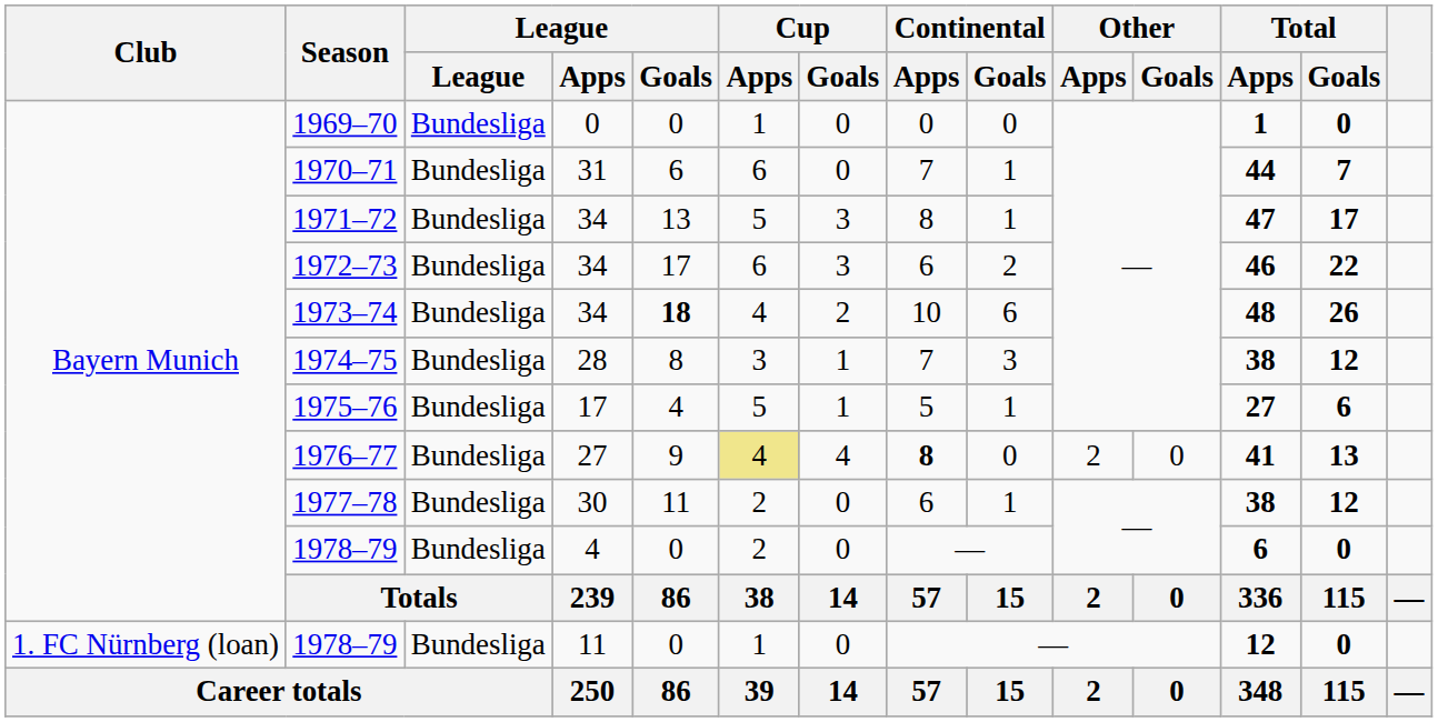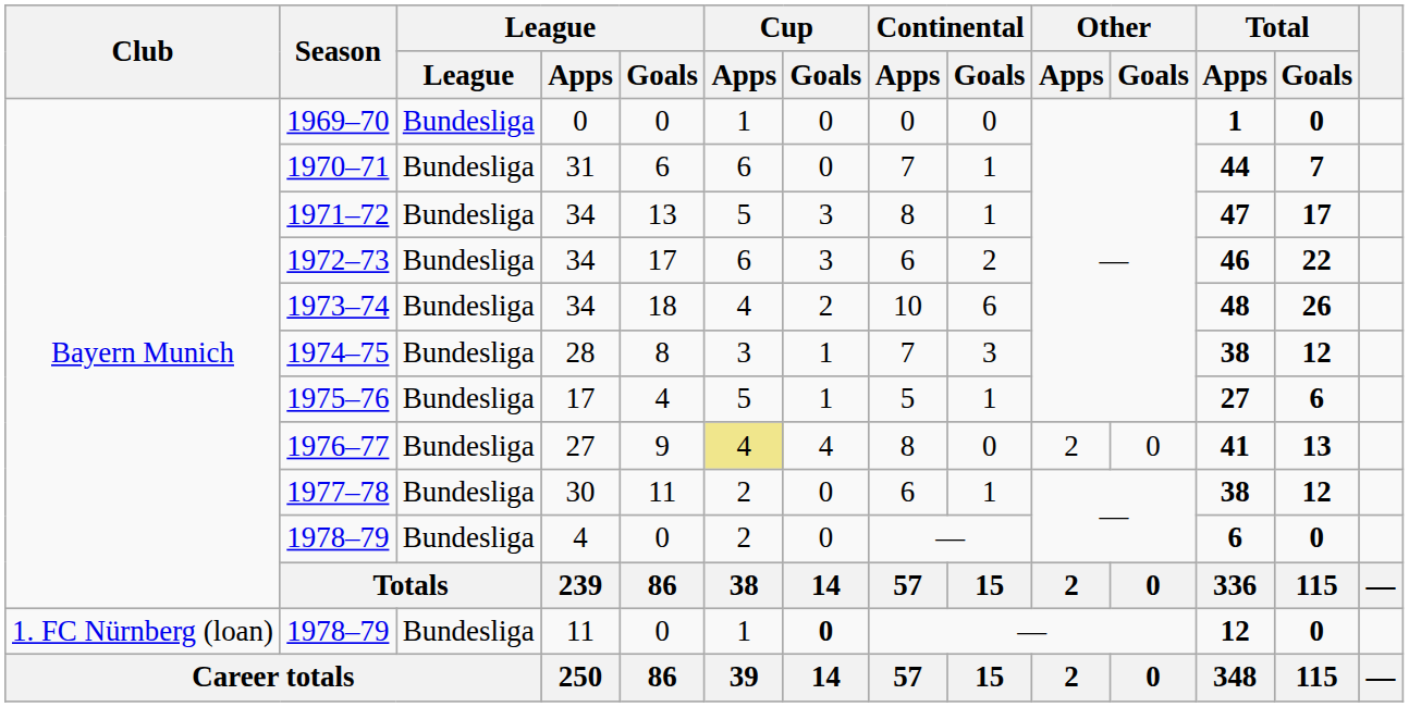 <table class="wikitable" style="text-align:center">
 <tr>
 <th rowspan="2">Club</th>
 <th rowspan="2">Season</th>
 <th colspan="3">League</th>
 <th colspan="2">Cup</th>
 <th colspan="2">Continental</th>
 <th colspan="2">Other</th>
 <th colspan="2">Total</th>
 <th rowspan="2"></th>
 </tr>
 <tr>
 <th>League</th>
 <th>Apps</th>
 <th>Goals</th>
 <th>Apps</th>
 <th>Goals</th>
 <th>Apps</th>
 <th>Goals</th>
 <th>Apps</th>
 <th>Goals</th>
 <th>Apps</th>
 <th>Goals</th>
 </tr>
 <tr>
 <td rowspan="11"><a href='#'>Bayern Munich</a></td>
 <td><a href='#'>1969–70</a></td>
 <td><a href='#'>Bundesliga</a></td>
 <td>0</td>
 <td>0</td>
 <td>1</td>
 <td>0</td>
 <td>0</td>
 <td>0</td>
 <td rowspan="7" colspan="2">—</td>
 <td><strong>1</strong></td>
 <td><strong>0</strong></td>
 <td></td>
 </tr>
 <tr>
 <td><a href='#'>1970–71</a></td>
 <td>Bundesliga</td>
 <td>31</td>
 <td>6</td>
 <td>6</td>
 <td>0</td>
 <td>7</td>
 <td>1</td>
 <td><strong>44</strong></td>
 <td><strong>7</strong></td>
 <td></td>
 </tr>
 <tr>
 <td><a href='#'>1971–72</a></td>
 <td>Bundesliga</td>
 <td>34</td>
 <td>13</td>
 <td>5</td>
 <td>3</td>
 <td>8</td>
 <td>1</td>
 <td><strong>47</strong></td>
 <td><strong>17</strong></td>
 <td></td>
 </tr>
 <tr>
 <td><a href='#'>1972–73</a></td>
 <td>Bundesliga</td>
 <td>34</td>
 <td>17</td>
 <td>6</td>
 <td>3</td>
 <td>6</td>
 <td>2</td>
 <td><strong>46</strong></td>
 <td><strong>22</strong></td>
 <td></td>
 </tr>
 <tr>
 <td><a href='#'>1973–74</a></td>
 <td>Bundesliga</td>
 <td>34</td>
-<td><strong>18</strong></td>
+<td>18</td>
 <td>4</td>
 <td>2</td>
 <td>10</td>
 <td>6</td>
 <td><strong>48</strong></td>
 <td><strong>26</strong></td>
 <td></td>
 </tr>
 <tr>
 <td><a href='#'>1974–75</a></td>
 <td>Bundesliga</td>
 <td>28</td>
 <td>8</td>
 <td>3</td>
 <td>1</td>
 <td>7</td>
 <td>3</td>
 <td><strong>38</strong></td>
 <td><strong>12</strong></td>
 <td></td>
 </tr>
 <tr>
 <td><a href='#'>1975–76</a></td>
 <td>Bundesliga</td>
 <td>17</td>
 <td>4</td>
 <td>5</td>
 <td>1</td>
 <td>5</td>
 <td>1</td>
 <td><strong>27</strong></td>
 <td><strong>6</strong></td>
 <td></td>
 </tr>
 <tr>
 <td><a href='#'>1976–77</a></td>
 <td>Bundesliga</td>
 <td>27</td>
 <td>9</td>
 <td style="background: khaki;">4</td>
 <td>4</td>
-<td><strong>8</strong></td>
+<td>8</td>
 <td>0</td>
 <td>2</td>
 <td>0</td>
 <td><strong>41</strong></td>
 <td><strong>13</strong></td>
 <td></td>
 </tr>
 <tr>
 <td><a href='#'>1977–78</a></td>
 <td>Bundesliga</td>
 <td>30</td>
 <td>11</td>
 <td>2</td>
 <td>0</td>
 <td>6</td>
 <td>1</td>
 <td rowspan="2" colspan="2">—</td>
 <td><strong>38</strong></td>
 <td><strong>12</strong></td>
 <td></td>
 </tr>
 <tr>
 <td><a href='#'>1978–79</a></td>
 <td>Bundesliga</td>
 <td>4</td>
 <td>0</td>
 <td>2</td>
 <td>0</td>
 <td colspan="2">—</td>
 <td><strong>6</strong></td>
 <td><strong>0</strong></td>
 <td></td>
 </tr>
 <tr>
 <th colspan="2">Totals</th>
 <th>239</th>
 <th>86</th>
 <th>38</th>
 <th>14</th>
 <th>57</th>
 <th>15</th>
 <th>2</th>
 <th>0</th>
 <th>336</th>
 <th>115</th>
 <th>—</th>
 </tr>
 <tr>
 <td><a href='#'>1. FC Nürnberg</a> (loan)</td>
 <td><a href='#'>1978–79</a></td>
 <td>Bundesliga</td>
 <td>11</td>
 <td>0</td>
 <td>1</td>
-<td>0</td>
+<td><strong>0</strong></td>
 <td colspan="4">—</td>
 <td><strong>12</strong></td>
 <td><strong>0</strong></td>
 <td></td>
 </tr>
 <tr>
 <th colspan="3">Career totals</th>
 <th>250</th>
 <th>86</th>
 <th>39</th>
 <th>14</th>
 <th>57</th>
 <th>15</th>
 <th>2</th>
 <th>0</th>
 <th>348</th>
 <th>115</th>
 <th>—</th>
 </tr>
 </table>
